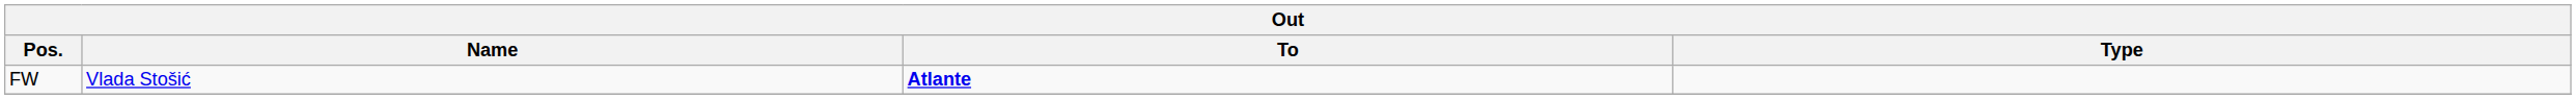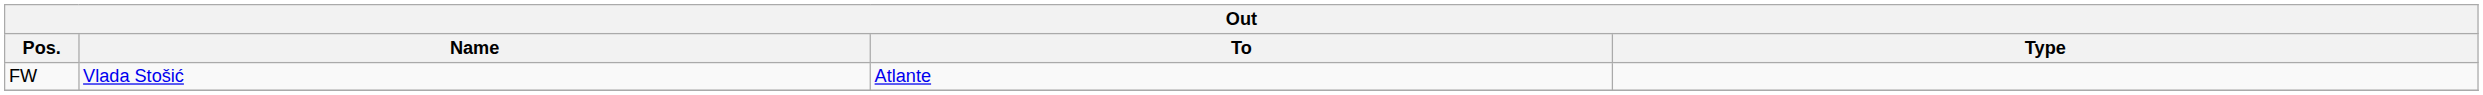 <table class="wikitable" style="font-size:90%;width:99%;">
 <tr>
 <th colspan="4">Out</th>
 </tr>
 <tr>
 <th width=3%>Pos.</th>
 <th width=32%>Name</th>
 <th width=30%>To</th>
 <th width=35%>Type</th>
 </tr>
 <tr>
 <td>FW</td>
 <td><a href='#'>Vlada Stošić</a></td>
-<td><strong><a href='#'>Atlante</a></strong></td>
+<td><a href='#'>Atlante</a></td>
 <td></td>
 </tr>
 <tr>
 </tr>
 </table>
